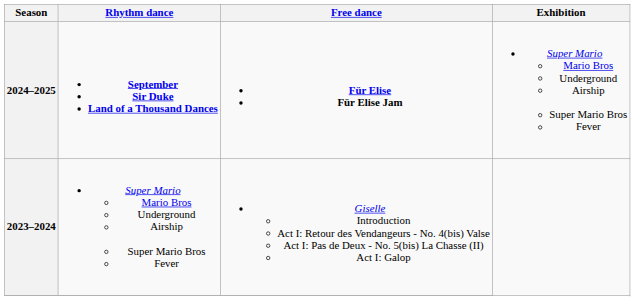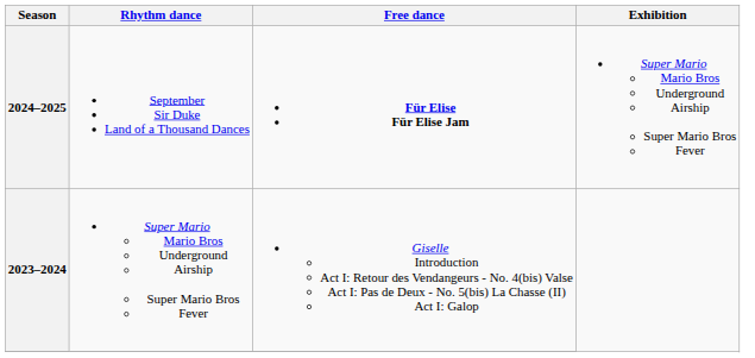 <table class=wikitable style=text-align:center>
 <tr>
 <th>Season</th>
 <th><a href='#'>Rhythm dance</a></th>
 <th><a href='#'>Free dance</a></th>
 <th>Exhibition</th>
 </tr>
 <tr>
 <th>2024–2025<br> </th>
-<td><strong><br><ul><li><a href='#'>September</a> <br> </li><li><a href='#'>Sir Duke</a> <br> </li><li><a href='#'>Land of a Thousand Dances</a> <br> </li></ul></strong></td>
+<td><br><ul><li><a href='#'>September</a> <br> </li><li><a href='#'>Sir Duke</a> <br> </li><li><a href='#'>Land of a Thousand Dances</a> <br> </li></ul></td>
 <td><strong><br><ul><li><a href='#'>Für Elise</a> <br> </li><li>Für Elise Jam <br> </li></ul></strong></td>
 <td><br><ul><li><em><a href='#'>Super Mario</a></em><ul><li><a href='#'>Mario Bros</a><br></li><li>Underground</li><li>Airship<br><br></li><li>Super Mario Bros<br></li><li>Fever<br><br></li></ul></li></ul></td>
 </tr>
 <tr>
 <th>2023–2024<br></th>
 <td><br><ul><li><em><a href='#'>Super Mario</a></em><ul><li><a href='#'>Mario Bros</a><br></li><li>Underground</li><li>Airship<br><br></li><li>Super Mario Bros<br></li><li>Fever<br><br></li></ul></li></ul></td>
 <td><br><ul><li><em><a href='#'>Giselle</a></em><ul><li>Introduction</li><li>Act I: Retour des Vendangeurs - No. 4(bis) Valse</li><li>Act I: Pas de Deux - No. 5(bis) La Chasse (II)</li><li>Act I: Galop<br></li></ul></li></ul></td>
 </tr>
 <tr>
 </tr>
 </table>
